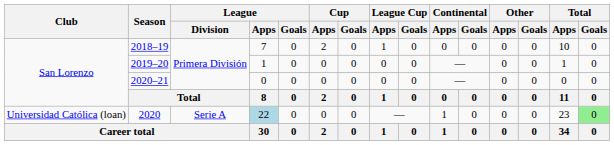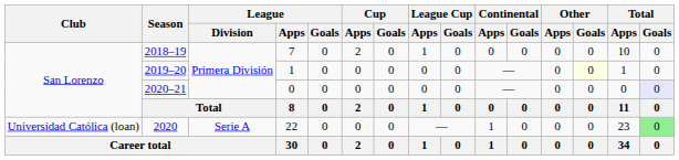 <table class="wikitable" style="text-align:center">
 <tr>
 <th rowspan="2">Club</th>
 <th rowspan="2">Season</th>
 <th colspan="3">League</th>
 <th colspan="2">Cup</th>
 <th colspan="2">League Cup</th>
 <th colspan="2">Continental</th>
 <th colspan="2">Other</th>
 <th colspan="2">Total</th>
 </tr>
 <tr>
 <th>Division</th>
 <th>Apps</th>
 <th>Goals</th>
 <th>Apps</th>
 <th>Goals</th>
 <th>Apps</th>
 <th>Goals</th>
 <th>Apps</th>
 <th>Goals</th>
 <th>Apps</th>
 <th>Goals</th>
 <th>Apps</th>
 <th>Goals</th>
 </tr>
 <tr>
 <td rowspan="4"><a href='#'>San Lorenzo</a></td>
 <td><a href='#'>2018–19</a></td>
 <td rowspan="3"><a href='#'>Primera División</a></td>
 <td>7</td>
 <td>0</td>
 <td>2</td>
 <td>0</td>
 <td>1</td>
 <td>0</td>
 <td>0</td>
 <td>0</td>
 <td>0</td>
 <td>0</td>
 <td>10</td>
 <td>0</td>
 </tr>
 <tr>
 <td><a href='#'>2019–20</a></td>
 <td>1</td>
 <td>0</td>
 <td>0</td>
 <td>0</td>
 <td>0</td>
 <td>0</td>
 <td colspan="2">—</td>
 <td>0</td>
-<td>0</td>
+<td style="background: lightyellow;">0</td>
 <td>1</td>
 <td>0</td>
 </tr>
 <tr>
 <td><a href='#'>2020–21</a></td>
 <td>0</td>
 <td>0</td>
 <td>0</td>
 <td>0</td>
 <td>0</td>
 <td>0</td>
 <td colspan="2">—</td>
 <td>0</td>
 <td>0</td>
 <td>0</td>
-<td>0</td>
+<td style="background: lavender;">0</td>
 </tr>
 <tr>
 <th colspan="2">Total</th>
 <th>8</th>
 <th>0</th>
 <th>2</th>
 <th>0</th>
 <th>1</th>
 <th>0</th>
 <th>0</th>
 <th>0</th>
 <th>0</th>
 <th>0</th>
 <th>11</th>
 <th>0</th>
 </tr>
 <tr>
 <td rowspan="1"><a href='#'>Universidad Católica</a> (loan)</td>
 <td><a href='#'>2020</a></td>
 <td rowspan="1"><a href='#'>Serie A</a></td>
-<td style="background: lightblue;">22</td>
+<td>22</td>
 <td>0</td>
 <td>0</td>
 <td>0</td>
 <td colspan="2">—</td>
 <td>1</td>
 <td>0</td>
 <td>0</td>
 <td>0</td>
 <td>23</td>
 <td style="background: lightgreen;">0</td>
 </tr>
 <tr>
 <th colspan="3">Career total</th>
 <th>30</th>
 <th>0</th>
 <th>2</th>
 <th>0</th>
 <th>1</th>
 <th>0</th>
 <th>1</th>
 <th>0</th>
 <th>0</th>
 <th>0</th>
 <th>34</th>
 <th>0</th>
 </tr>
 </table>
